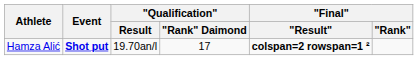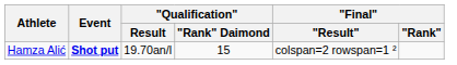 <table class="wikitable" border="1" style="font-size:90%">
 <tr>
 <th rowspan="2">Athlete</th>
 <th rowspan="2">Event</th>
 <th colspan="2">"Qualification"</th>
 <th colspan="2">"Final"</th>
 </tr>
 <tr>
 <th>Result</th>
 <th>"Rank" Daimond</th>
 <th>"Result"</th>
 <th>"Rank"</th>
 </tr>
 <tr>
 <td><a href='#'>Hamza Alić</a></td>
 <td><strong><a href='#'>Shot put</a></strong></td>
 <td align=center>19.70an/l</td>
-<td align=center>17</td>
-<td><strong>colspan=2 rowspan=1 ²</strong></td>
+<td align=center>15</td>
+<td>colspan=2 rowspan=1 ²</td>
 </tr>
 </table>
